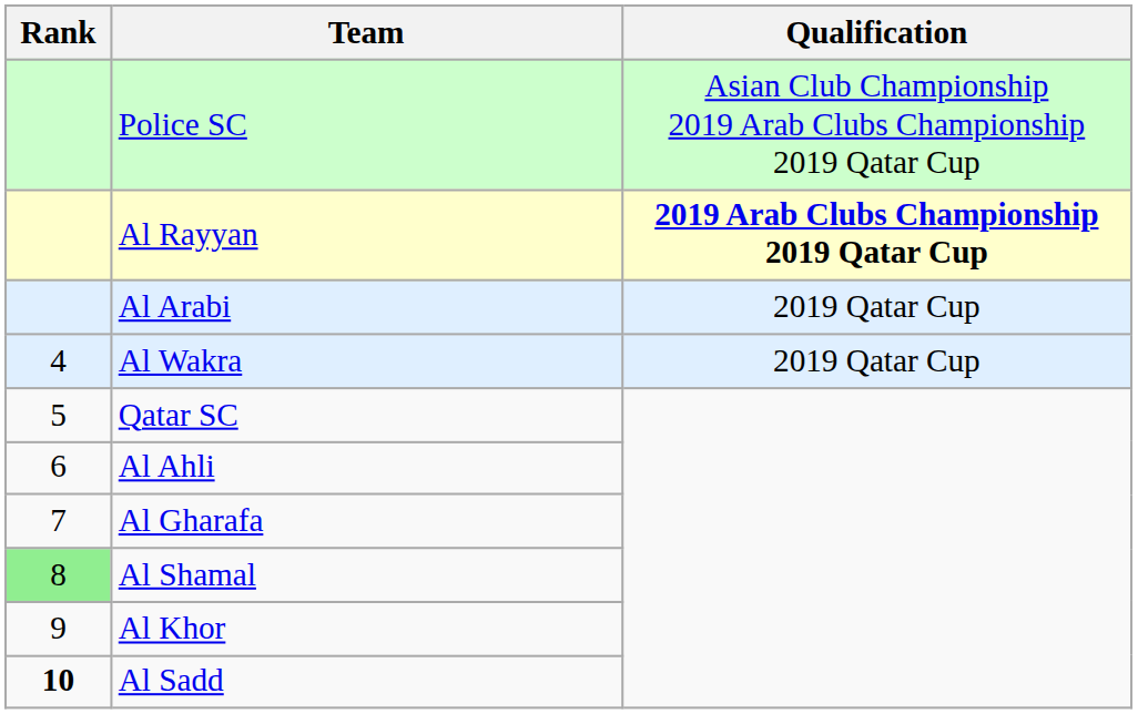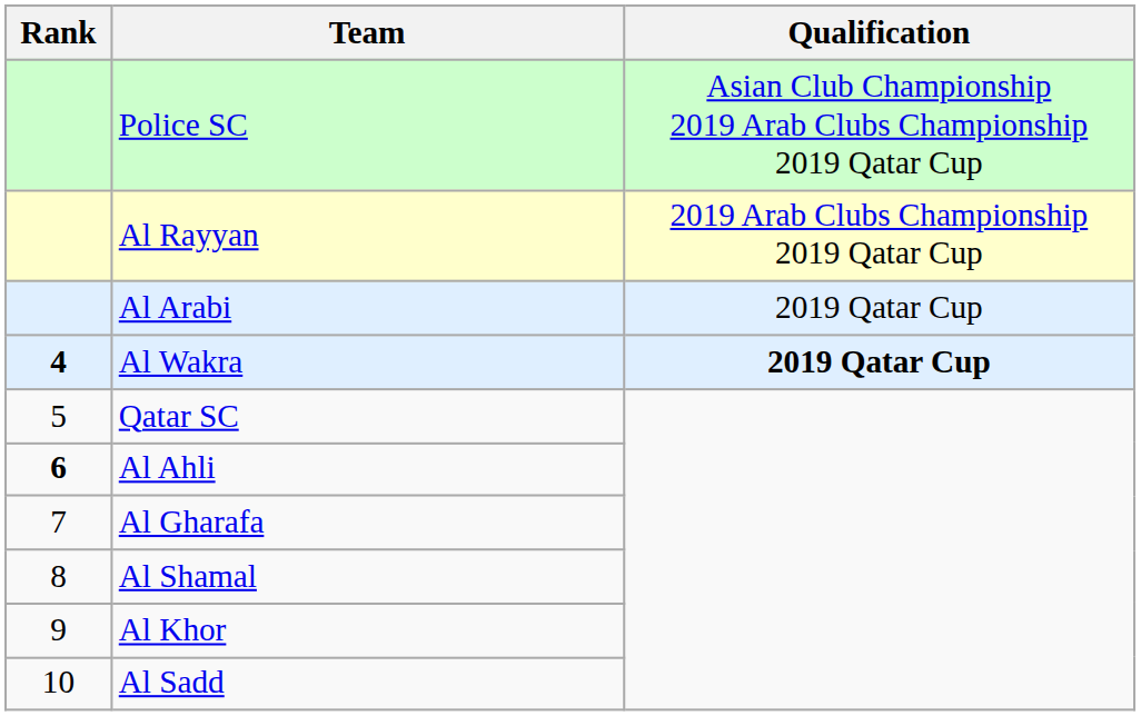 <table class="wikitable" style="text-align:center; font-size:90%">
 <tr>
 <th width=40>Rank</th>
 <th width=220>Team</th>
 <th width=220>Qualification</th>
 </tr>
 <tr bgcolor=#ccffcc>
 <td></td>
 <td align=left><a href='#'>Police SC</a></td>
 <td><a href='#'>Asian Club Championship</a> <br> <a href='#'>2019 Arab Clubs Championship</a> <br> 2019 Qatar Cup</td>
 </tr>
 <tr bgcolor=#ffffcc>
 <td></td>
 <td align=left><a href='#'>Al Rayyan</a></td>
-<td><strong><a href='#'>2019 Arab Clubs Championship</a> <br> 2019 Qatar Cup</strong></td>
+<td><a href='#'>2019 Arab Clubs Championship</a> <br> 2019 Qatar Cup</td>
 </tr>
 <tr bgcolor=#dfefff>
 <td></td>
 <td align=left><a href='#'>Al Arabi</a></td>
 <td>2019 Qatar Cup</td>
 </tr>
 <tr bgcolor=#dfefff>
-<td>4</td>
+<td><strong>4</strong></td>
 <td align=left><a href='#'>Al Wakra</a></td>
-<td>2019 Qatar Cup</td>
+<td><strong>2019 Qatar Cup</strong></td>
 </tr>
 <tr>
 <td>5</td>
 <td align=left><a href='#'>Qatar SC</a></td>
 </tr>
 <tr>
-<td>6</td>
+<td><strong>6</strong></td>
 <td align=left><a href='#'>Al Ahli</a></td>
 </tr>
 <tr>
 <td>7</td>
 <td align=left><a href='#'>Al Gharafa</a></td>
 </tr>
 <tr>
-<td style="background: lightgreen;">8</td>
+<td>8</td>
 <td align=left><a href='#'>Al Shamal</a></td>
 </tr>
 <tr>
 <td>9</td>
 <td align=left><a href='#'>Al Khor</a></td>
 </tr>
 <tr>
-<td><strong>10</strong></td>
+<td>10</td>
 <td align=left><a href='#'>Al Sadd</a></td>
 </tr>
 </table>
